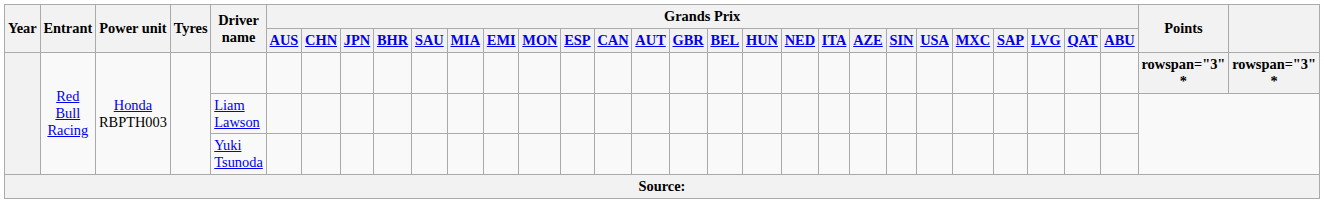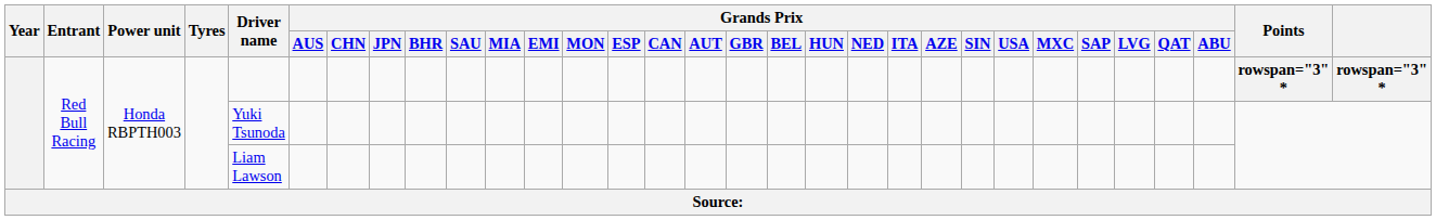 <table class="wikitable" style="text-align:center; font-size:90%">
 <tr>
 <th rowspan="2">Year</th>
 <th rowspan="2">Entrant</th>
 <th rowspan="2">Power unit</th>
 <th rowspan="2">Tyres</th>
 <th rowspan="2">Driver name</th>
 <th colspan="24">Grands Prix</th>
 <th rowspan="2">Points</th>
 <th rowspan="2"></th>
 </tr>
 <tr>
 <th><a href='#'>AUS</a></th>
 <th><a href='#'>CHN</a></th>
 <th><a href='#'>JPN</a></th>
 <th><a href='#'>BHR</a></th>
 <th><a href='#'>SAU</a></th>
 <th><a href='#'>MIA</a></th>
 <th><a href='#'>EMI</a></th>
 <th><a href='#'>MON</a></th>
 <th><a href='#'>ESP</a></th>
 <th><a href='#'>CAN</a></th>
 <th><a href='#'>AUT</a></th>
 <th><a href='#'>GBR</a></th>
 <th><a href='#'>BEL</a></th>
 <th><a href='#'>HUN</a></th>
 <th><a href='#'>NED</a></th>
 <th><a href='#'>ITA</a></th>
 <th><a href='#'>AZE</a></th>
 <th><a href='#'>SIN</a></th>
 <th><a href='#'>USA</a></th>
 <th><a href='#'>MXC</a></th>
 <th><a href='#'>SAP</a></th>
 <th><a href='#'>LVG</a></th>
 <th><a href='#'>QAT</a></th>
 <th><a href='#'>ABU</a></th>
 </tr>
 <tr>
 <th rowspan="3"></th>
 <td rowspan="3"><a href='#'>Red Bull Racing</a></td>
 <td rowspan="3"><a href='#'>Honda</a> RBPTH003</td>
 <td rowspan="3"></td>
 <td align=left></td>
 <td></td>
 <td></td>
 <td></td>
 <td></td>
 <td></td>
 <td></td>
 <td></td>
 <td></td>
 <td></td>
 <td></td>
 <td></td>
 <td></td>
 <td></td>
 <td></td>
 <td></td>
 <td></td>
 <td></td>
 <td></td>
 <td></td>
 <td></td>
 <td></td>
 <td></td>
 <td></td>
 <td></td>
 <th>rowspan="3" *</th>
 <th>rowspan="3" *</th>
 </tr>
 <tr>
-<td align=left> <a href='#'>Liam Lawson</a></td>
+<td align=left> <a href='#'>Yuki Tsunoda</a></td>
 <td></td>
 <td></td>
 <td></td>
 <td></td>
 <td></td>
 <td></td>
 <td></td>
 <td></td>
 <td></td>
 <td></td>
 <td></td>
 <td></td>
 <td></td>
 <td></td>
 <td></td>
 <td></td>
 <td></td>
 <td></td>
 <td></td>
 <td></td>
 <td></td>
 <td></td>
 <td></td>
 <td></td>
 </tr>
 <tr>
-<td align=left> <a href='#'>Yuki Tsunoda</a></td>
+<td align=left> <a href='#'>Liam Lawson</a></td>
 <td></td>
 <td></td>
 <td></td>
 <td></td>
 <td></td>
 <td></td>
 <td></td>
 <td></td>
 <td></td>
 <td></td>
 <td></td>
 <td></td>
 <td></td>
 <td></td>
 <td></td>
 <td></td>
 <td></td>
 <td></td>
 <td></td>
 <td></td>
 <td></td>
 <td></td>
 <td></td>
 <td></td>
 </tr>
 <tr>
 <th colspan="31">Source:</th>
 </tr>
 </table>
